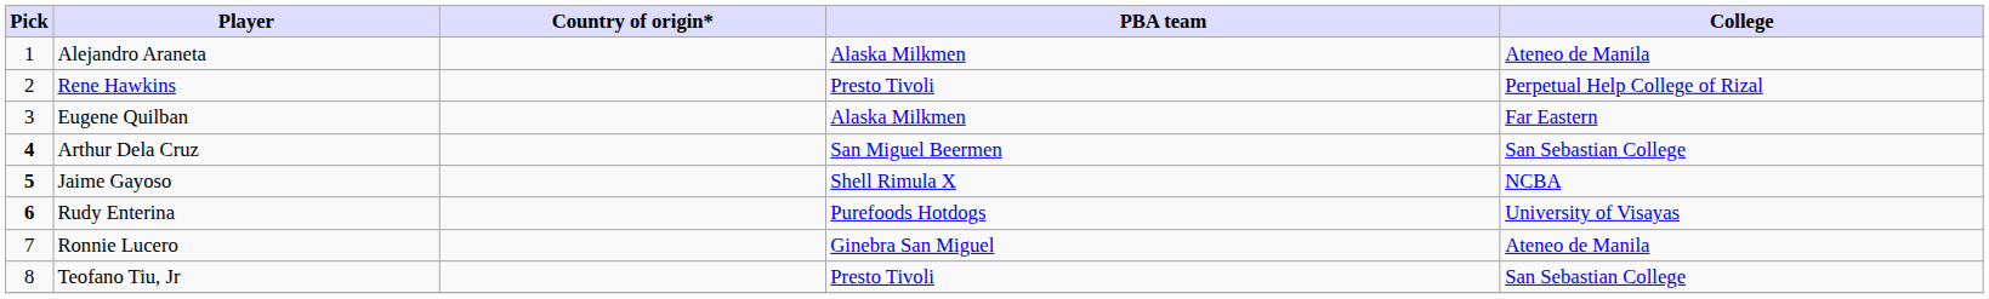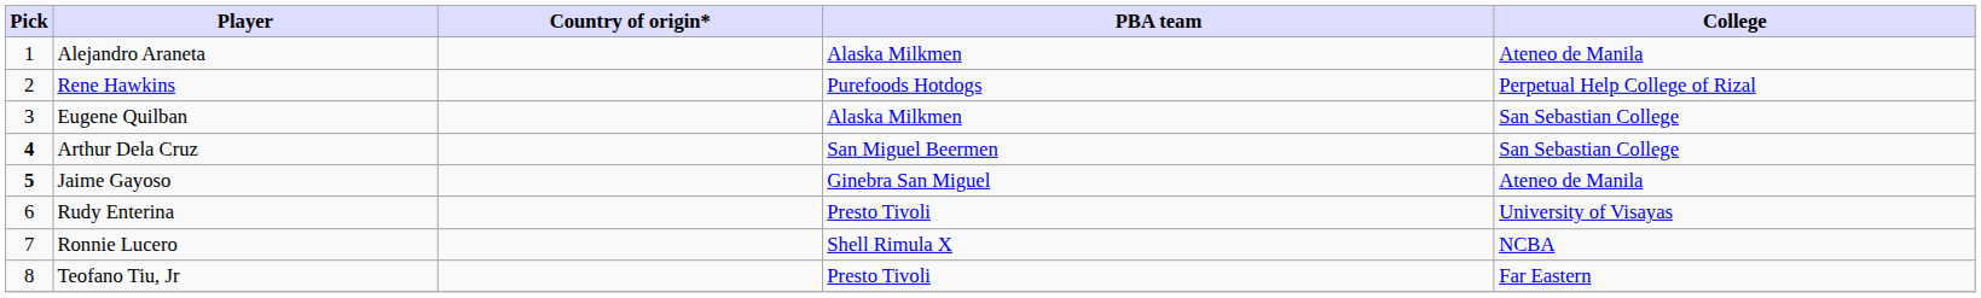 <table class="wikitable">
 <tr>
 <th style="background:#DDDDFF;">Pick</th>
 <th style="background:#DDDDFF;" width="20%">Player</th>
 <th style="background:#DDDDFF;" width="20%">Country of origin*</th>
 <th style="background:#DDDDFF;" width="35%">PBA team</th>
 <th style="background:#DDDDFF;" width="25%">College</th>
 </tr>
 <tr>
 <td align=center>1</td>
 <td>Alejandro Araneta</td>
 <td></td>
 <td><a href='#'>Alaska Milkmen</a></td>
 <td><a href='#'>Ateneo de Manila</a></td>
 </tr>
 <tr>
 <td align=center>2</td>
 <td><a href='#'>Rene Hawkins</a></td>
 <td></td>
-<td><a href='#'>Presto Tivoli</a></td>
+<td><a href='#'>Purefoods Hotdogs</a></td>
 <td><a href='#'>Perpetual Help College of Rizal</a></td>
 </tr>
 <tr>
 <td align=center>3</td>
 <td>Eugene Quilban</td>
 <td></td>
 <td><a href='#'>Alaska Milkmen</a></td>
-<td><a href='#'>Far Eastern</a></td>
+<td><a href='#'>San Sebastian College</a></td>
 </tr>
 <tr>
 <td align=center><strong>4</strong></td>
 <td>Arthur Dela Cruz</td>
 <td></td>
 <td><a href='#'>San Miguel Beermen</a></td>
 <td><a href='#'>San Sebastian College</a></td>
 </tr>
 <tr>
 <td align=center><strong>5</strong></td>
 <td>Jaime Gayoso</td>
 <td></td>
-<td><a href='#'>Shell Rimula X</a></td>
-<td><a href='#'>NCBA</a></td>
+<td><a href='#'>Ginebra San Miguel</a></td>
+<td><a href='#'>Ateneo de Manila</a></td>
 </tr>
 <tr>
-<td align=center><strong>6</strong></td>
+<td align=center>6</td>
 <td>Rudy Enterina</td>
 <td></td>
-<td><a href='#'>Purefoods Hotdogs</a></td>
+<td><a href='#'>Presto Tivoli</a></td>
 <td><a href='#'>University of Visayas</a></td>
 </tr>
 <tr>
 <td align=center>7</td>
 <td>Ronnie Lucero</td>
 <td></td>
-<td><a href='#'>Ginebra San Miguel</a></td>
-<td><a href='#'>Ateneo de Manila</a></td>
+<td><a href='#'>Shell Rimula X</a></td>
+<td><a href='#'>NCBA</a></td>
 </tr>
 <tr>
 <td align=center>8</td>
 <td>Teofano Tiu, Jr</td>
 <td></td>
 <td><a href='#'>Presto Tivoli</a></td>
-<td><a href='#'>San Sebastian College</a></td>
+<td><a href='#'>Far Eastern</a></td>
 </tr>
 <tr>
 </tr>
 </table>
